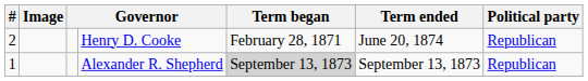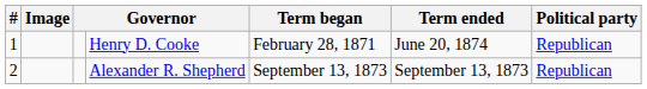 <table class="wikitable">
 <tr>
 <th>#</th>
 <th>Image</th>
 <th colspan="2">Governor</th>
 <th>Term began</th>
 <th>Term ended</th>
 <th>Political party</th>
 </tr>
 <tr>
-<td>2</td>
+<td>1</td>
 <td></td>
 <td style="background: "> </td>
 <td><a href='#'>Henry D. Cooke</a></td>
 <td>February 28, 1871</td>
 <td>June 20, 1874</td>
 <td><a href='#'>Republican</a></td>
 </tr>
 <tr>
-<td>1</td>
+<td>2</td>
 <td></td>
 <td style="background: "> </td>
 <td><a href='#'>Alexander R. Shepherd</a></td>
-<td style="background: lightgrey;">September 13, 1873</td>
+<td>September 13, 1873</td>
 <td>September 13, 1873</td>
 <td><a href='#'>Republican</a></td>
 </tr>
 </table>
